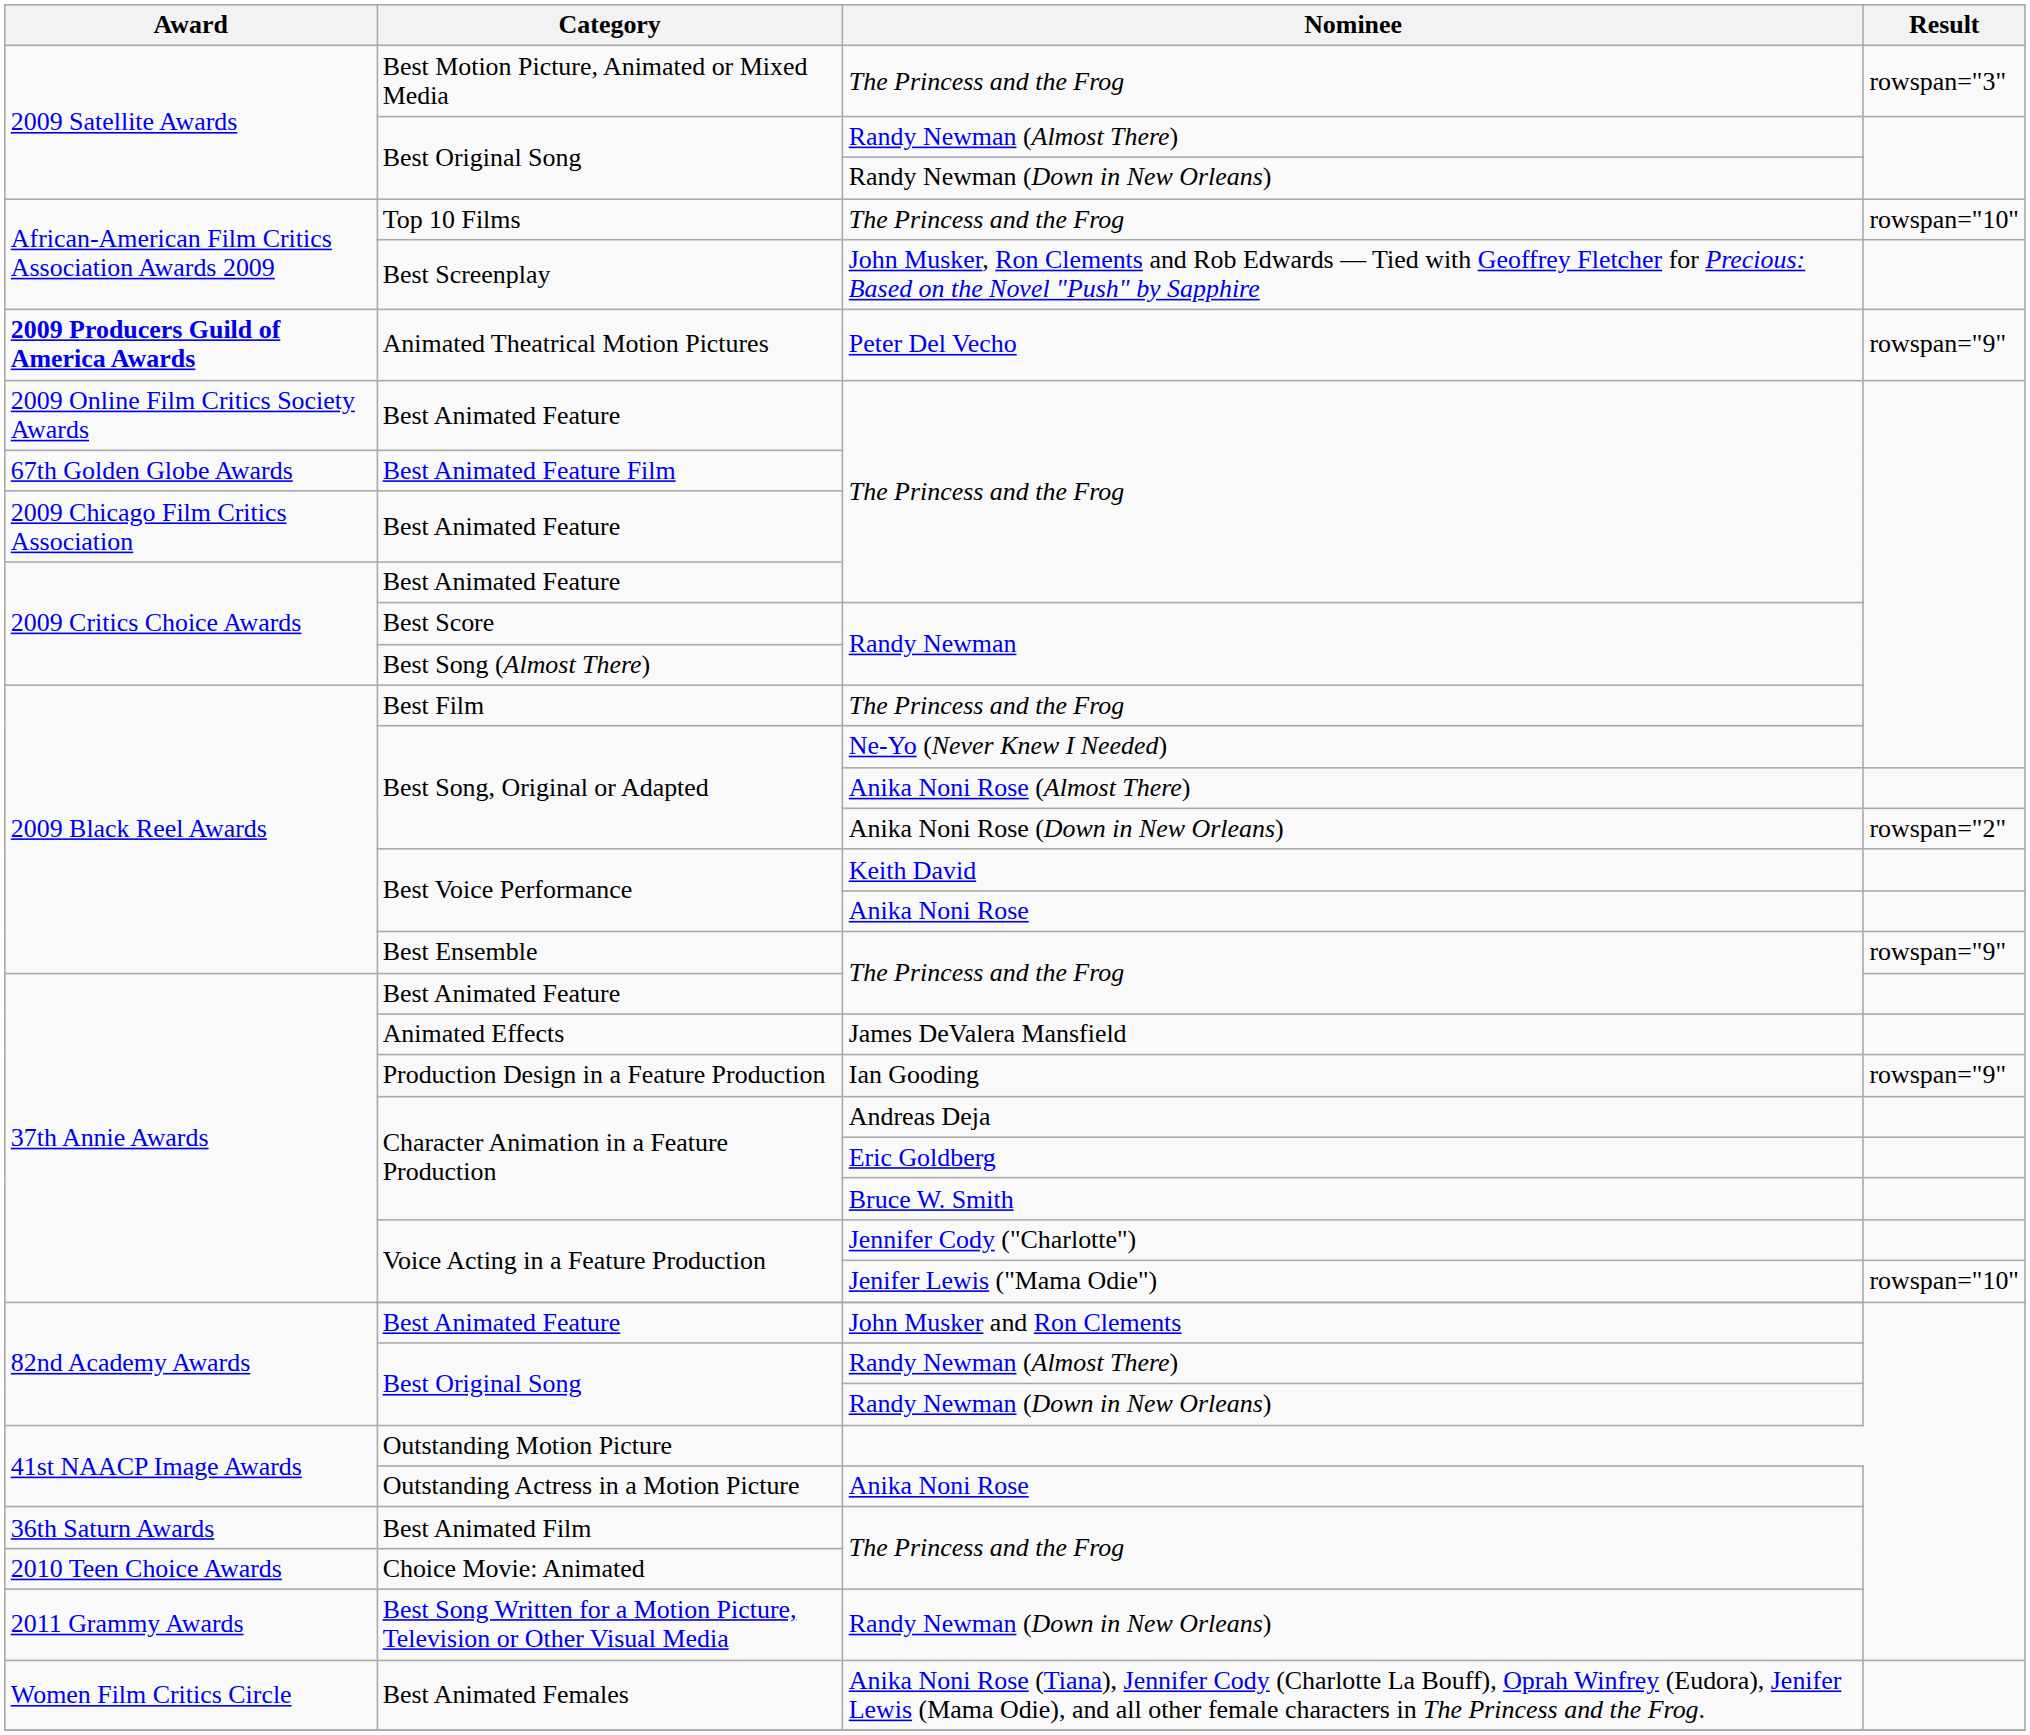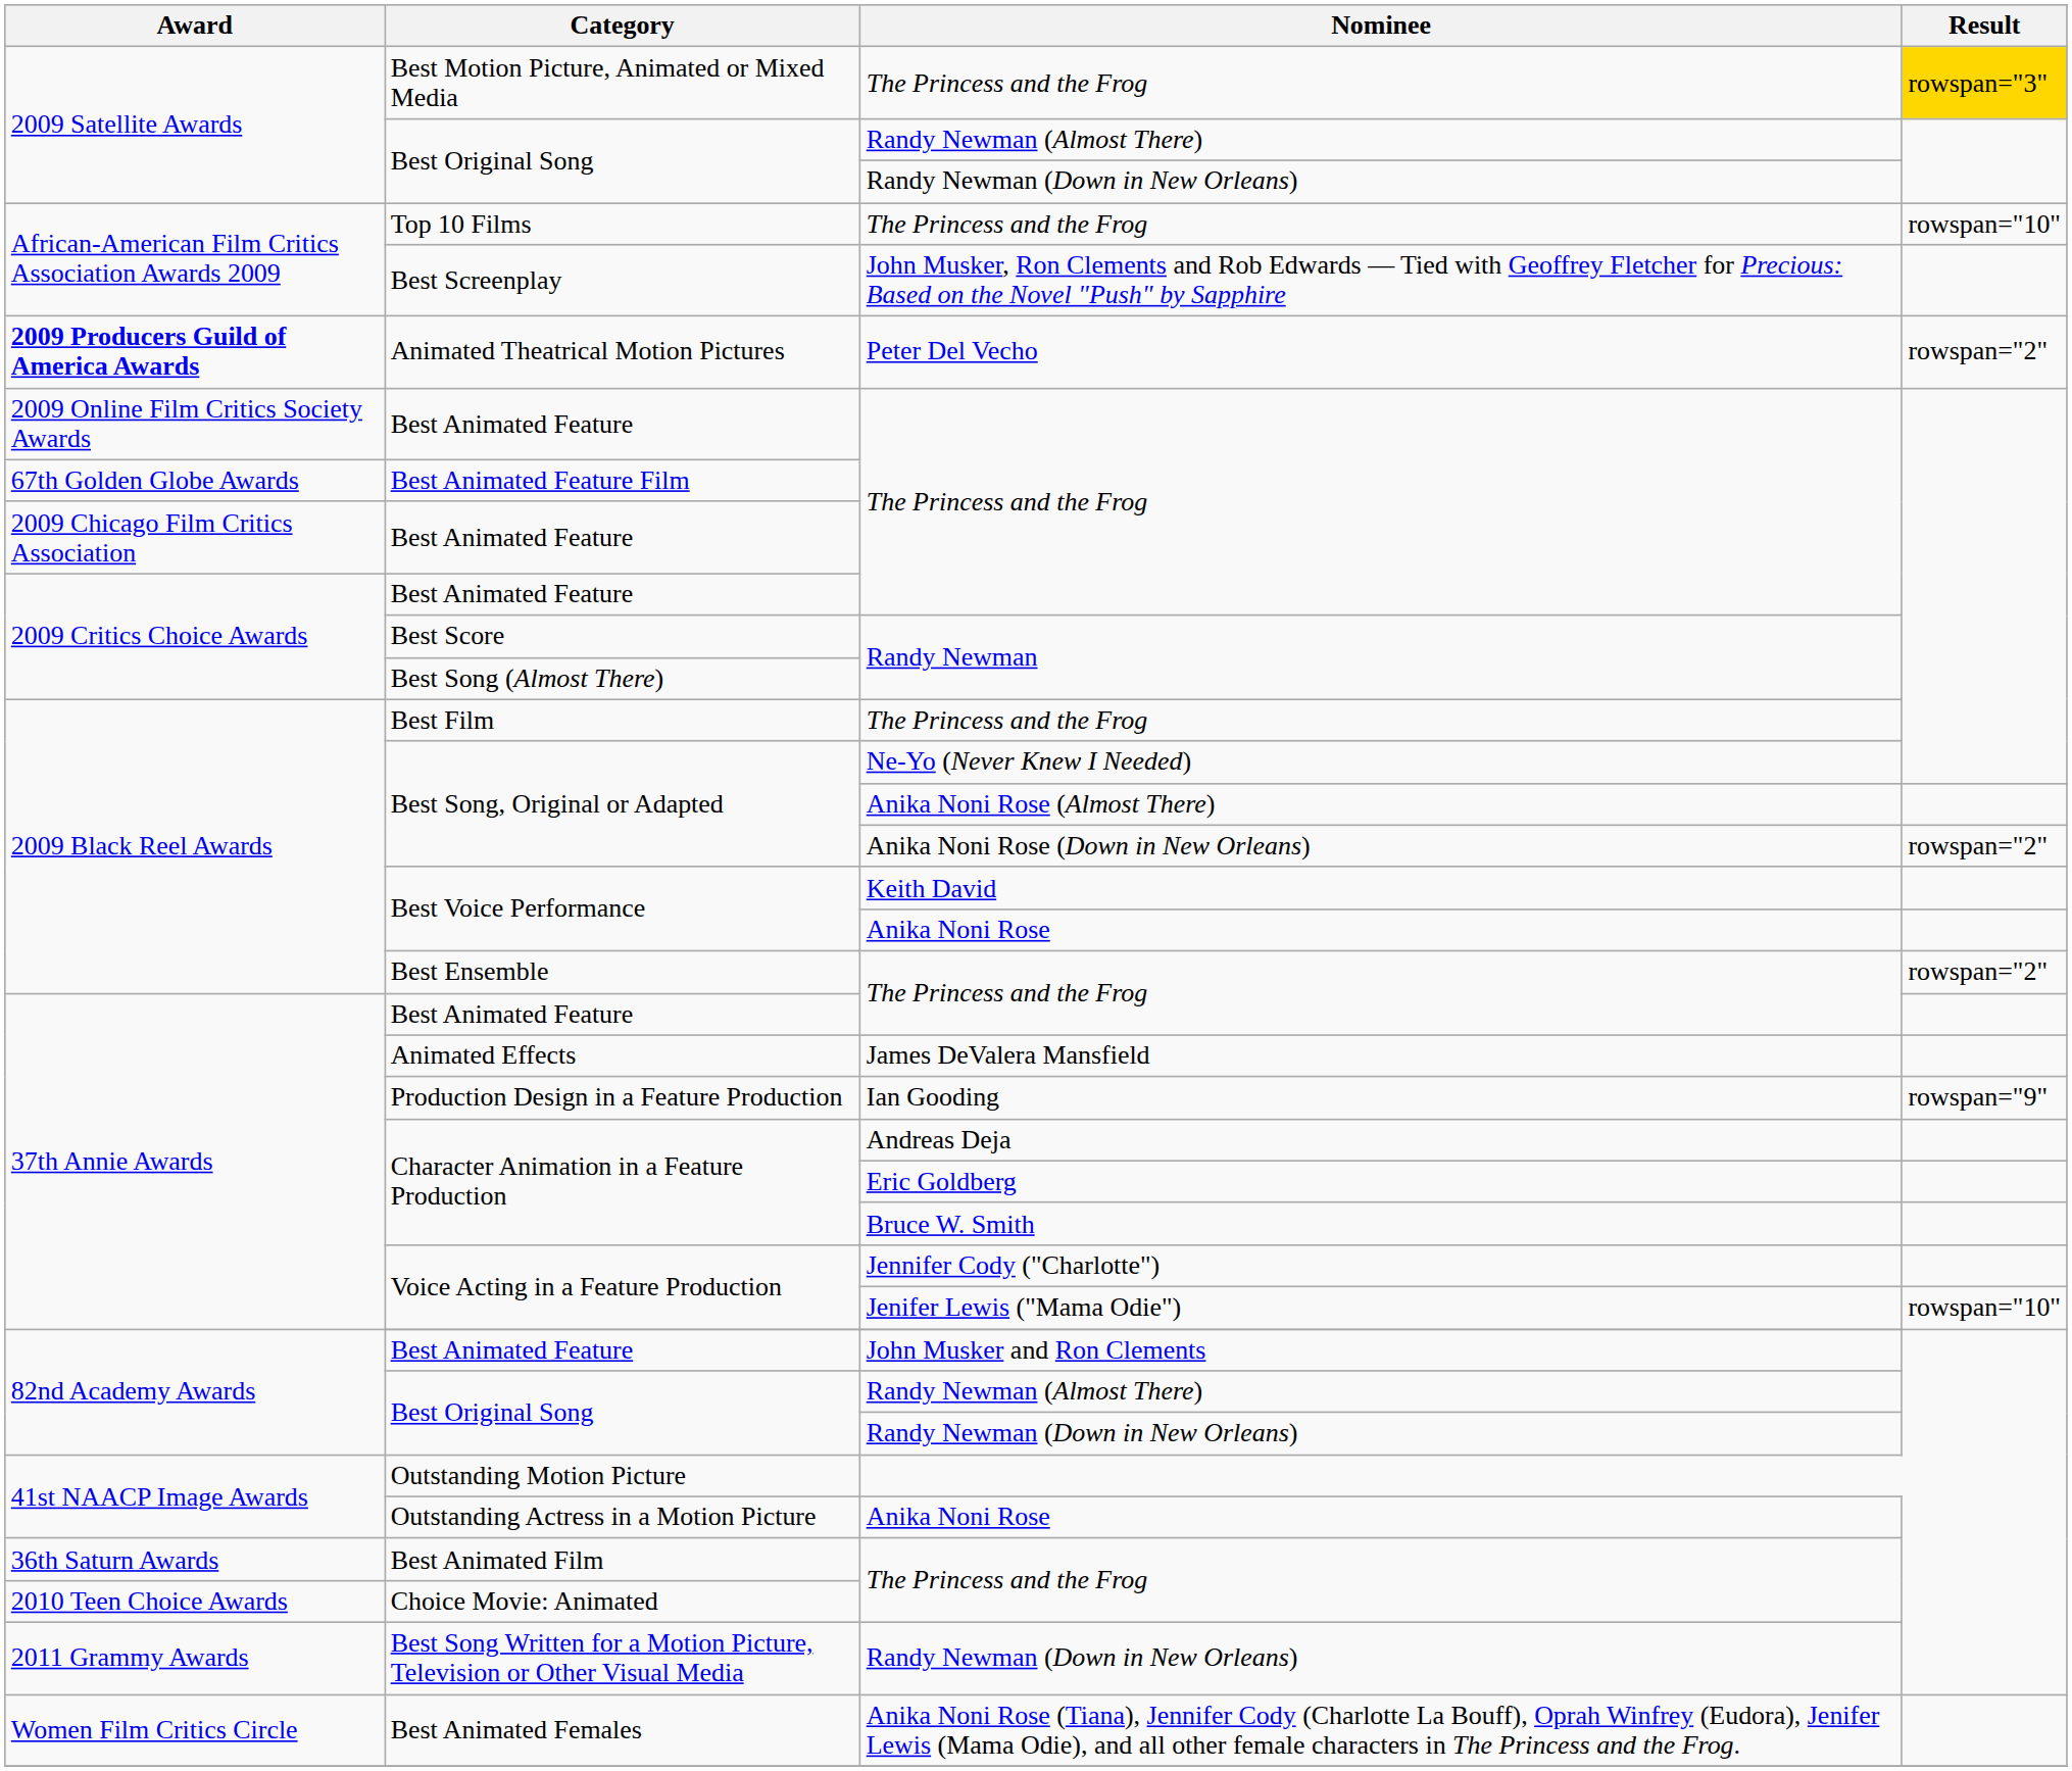 <table class="wikitable">
 <tr>
 <th>Award</th>
 <th>Category</th>
 <th>Nominee</th>
 <th>Result</th>
 </tr>
 <tr>
 <td rowspan="3"><a href='#'>2009 Satellite Awards</a></td>
 <td>Best Motion Picture, Animated or Mixed Media</td>
 <td><em>The Princess and the Frog</em></td>
-<td>rowspan="3" </td>
+<td style="background: gold;">rowspan="3" </td>
 </tr>
 <tr>
 <td rowspan="2">Best Original Song</td>
 <td><a href='#'>Randy Newman</a> (<em>Almost There</em>)</td>
 </tr>
 <tr>
 <td>Randy Newman (<em>Down in New Orleans</em>)</td>
 </tr>
 <tr>
 <td rowspan="2"><a href='#'>African-American Film Critics Association Awards 2009</a></td>
 <td>Top 10 Films</td>
 <td><em>The Princess and the Frog</em></td>
 <td>rowspan="10" </td>
 </tr>
 <tr>
 <td>Best Screenplay</td>
 <td><a href='#'>John Musker</a>, <a href='#'>Ron Clements</a> and Rob Edwards — Tied with <a href='#'>Geoffrey Fletcher</a> for <em><a href='#'>Precious: Based on the Novel "Push" by Sapphire</a></em></td>
 </tr>
 <tr>
 <td><strong><a href='#'>2009 Producers Guild of America Awards</a></strong></td>
 <td>Animated Theatrical Motion Pictures</td>
 <td><a href='#'>Peter Del Vecho</a></td>
-<td>rowspan="9" </td>
+<td>rowspan="2" </td>
 </tr>
 <tr>
 <td><a href='#'>2009 Online Film Critics Society Awards</a></td>
 <td>Best Animated Feature</td>
 <td rowspan="4"><em>The Princess and the Frog</em></td>
 </tr>
 <tr>
 <td><a href='#'>67th Golden Globe Awards</a></td>
 <td><a href='#'>Best Animated Feature Film</a></td>
 </tr>
 <tr>
 <td><a href='#'>2009 Chicago Film Critics Association</a></td>
 <td>Best Animated Feature</td>
 </tr>
 <tr>
 <td rowspan="3"><a href='#'>2009 Critics Choice Awards</a></td>
 <td>Best Animated Feature</td>
 </tr>
 <tr>
 <td>Best Score</td>
 <td rowspan="2"><a href='#'>Randy Newman</a></td>
 </tr>
 <tr>
 <td>Best Song (<em>Almost There</em>)</td>
 </tr>
 <tr>
 <td rowspan="7"><a href='#'>2009 Black Reel Awards</a></td>
 <td>Best Film</td>
 <td><em>The Princess and the Frog</em></td>
 </tr>
 <tr>
 <td rowspan="3">Best Song, Original or Adapted</td>
 <td><a href='#'>Ne-Yo</a> (<em>Never Knew I Needed</em>)</td>
 </tr>
 <tr>
 <td><a href='#'>Anika Noni Rose</a> (<em>Almost There</em>)</td>
 <td></td>
 </tr>
 <tr>
 <td>Anika Noni Rose (<em>Down in New Orleans</em>)</td>
 <td>rowspan="2" </td>
 </tr>
 <tr>
 <td rowspan="2">Best Voice Performance</td>
 <td><a href='#'>Keith David</a></td>
 </tr>
 <tr>
 <td><a href='#'>Anika Noni Rose</a></td>
 <td></td>
 </tr>
 <tr>
 <td>Best Ensemble</td>
 <td rowspan="2"><em>The Princess and the Frog</em></td>
-<td>rowspan="9" </td>
+<td>rowspan="2" </td>
 </tr>
 <tr>
 <td rowspan="8"><a href='#'>37th Annie Awards</a></td>
 <td>Best Animated Feature</td>
 </tr>
 <tr>
 <td>Animated Effects</td>
 <td>James DeValera Mansfield</td>
 <td></td>
 </tr>
 <tr>
 <td>Production Design in a Feature Production</td>
 <td>Ian Gooding</td>
 <td>rowspan="9" </td>
 </tr>
 <tr>
 <td rowspan="3">Character Animation in a Feature Production</td>
 <td>Andreas Deja</td>
 </tr>
 <tr>
 <td><a href='#'>Eric Goldberg</a></td>
 <td></td>
 </tr>
 <tr>
 <td><a href='#'>Bruce W. Smith</a></td>
 <td></td>
 </tr>
 <tr>
 <td rowspan="2">Voice Acting in a Feature Production</td>
 <td><a href='#'>Jennifer Cody</a> ("Charlotte")</td>
 <td></td>
 </tr>
 <tr>
 <td><a href='#'>Jenifer Lewis</a> ("Mama Odie")</td>
 <td>rowspan="10" </td>
 </tr>
 <tr>
 <td rowspan="4"><a href='#'>82nd Academy Awards</a></td>
 </tr>
 <tr>
 <td><a href='#'>Best Animated Feature</a></td>
 <td><a href='#'>John Musker</a> and <a href='#'>Ron Clements</a></td>
 </tr>
 <tr>
 <td rowspan="2"><a href='#'>Best Original Song</a></td>
 <td><a href='#'>Randy Newman</a> (<em>Almost There</em>)</td>
 </tr>
 <tr>
 <td><a href='#'>Randy Newman</a> (<em>Down in New Orleans</em>)</td>
 </tr>
 <tr>
 <td rowspan="2"><a href='#'>41st NAACP Image Awards</a></td>
 <td>Outstanding Motion Picture</td>
 </tr>
 <tr>
 <td>Outstanding Actress in a Motion Picture</td>
 <td><a href='#'>Anika Noni Rose</a></td>
 </tr>
 <tr>
 <td><a href='#'>36th Saturn Awards</a></td>
 <td>Best Animated Film</td>
 <td rowspan="2"><em>The Princess and the Frog</em></td>
 </tr>
 <tr>
 <td><a href='#'>2010 Teen Choice Awards</a></td>
 <td>Choice Movie: Animated</td>
 </tr>
 <tr>
 <td><a href='#'>2011 Grammy Awards</a></td>
 <td><a href='#'>Best Song Written for a Motion Picture, Television or Other Visual Media</a></td>
 <td><a href='#'>Randy Newman</a> (<em>Down in New Orleans</em>)</td>
 </tr>
 <tr>
 <td><a href='#'>Women Film Critics Circle</a></td>
 <td>Best Animated Females</td>
 <td><a href='#'>Anika Noni Rose</a> (<a href='#'>Tiana</a>), <a href='#'>Jennifer Cody</a> (Charlotte La Bouff), <a href='#'>Oprah Winfrey</a> (Eudora), <a href='#'>Jenifer Lewis</a> (Mama Odie), and all other female characters in <em>The Princess and the Frog</em>.</td>
 <td></td>
 </tr>
 <tr>
 </tr>
 </table>
